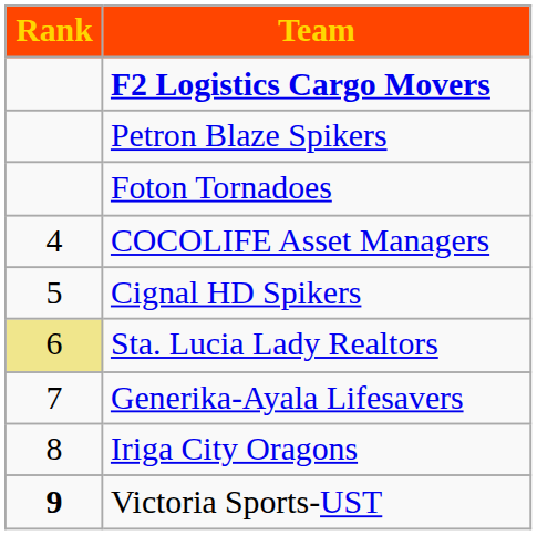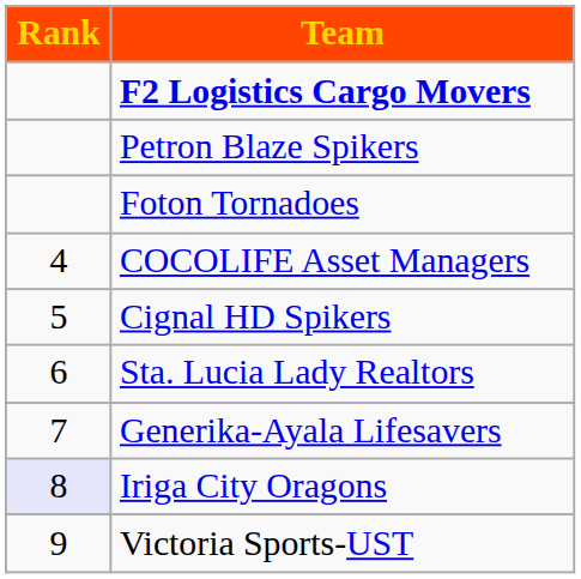 <table class="wikitable" style="text-align: center">
 <tr>
 <th width=40 style="background:#FF4500; color:#FFD700;">Rank</th>
 <th width=200 style="background:#FF4500; color:#FFD700;">Team</th>
 </tr>
 <tr>
 <td></td>
 <td align="left"><strong><a href='#'>F2 Logistics Cargo Movers</a></strong></td>
 </tr>
 <tr>
 <td></td>
 <td align="left"><a href='#'>Petron Blaze Spikers</a></td>
 </tr>
 <tr>
 <td></td>
 <td align="left"><a href='#'>Foton Tornadoes</a></td>
 </tr>
 <tr>
 <td>4</td>
 <td align="left"><a href='#'>COCOLIFE Asset Managers</a></td>
 </tr>
 <tr>
 <td>5</td>
 <td align="left"><a href='#'>Cignal HD Spikers</a></td>
 </tr>
 <tr>
-<td style="background: khaki;">6</td>
+<td>6</td>
 <td align="left"><a href='#'>Sta. Lucia Lady Realtors</a></td>
 </tr>
 <tr>
 <td>7</td>
 <td align="left"><a href='#'>Generika-Ayala Lifesavers</a></td>
 </tr>
 <tr>
-<td>8</td>
+<td style="background: lavender;">8</td>
 <td align="left"><a href='#'>Iriga City Oragons</a></td>
 </tr>
 <tr>
-<td><strong>9</strong></td>
+<td>9</td>
 <td align="left">Victoria Sports-<a href='#'>UST</a></td>
 </tr>
 </table>
